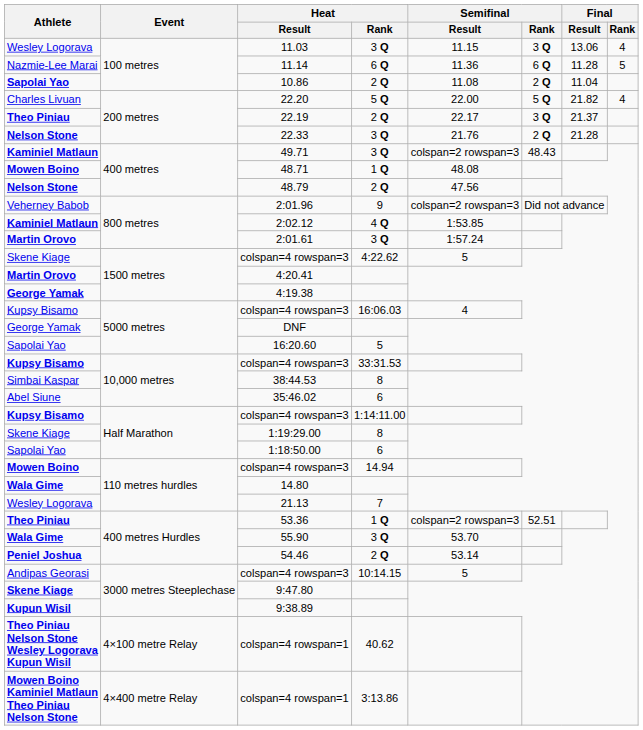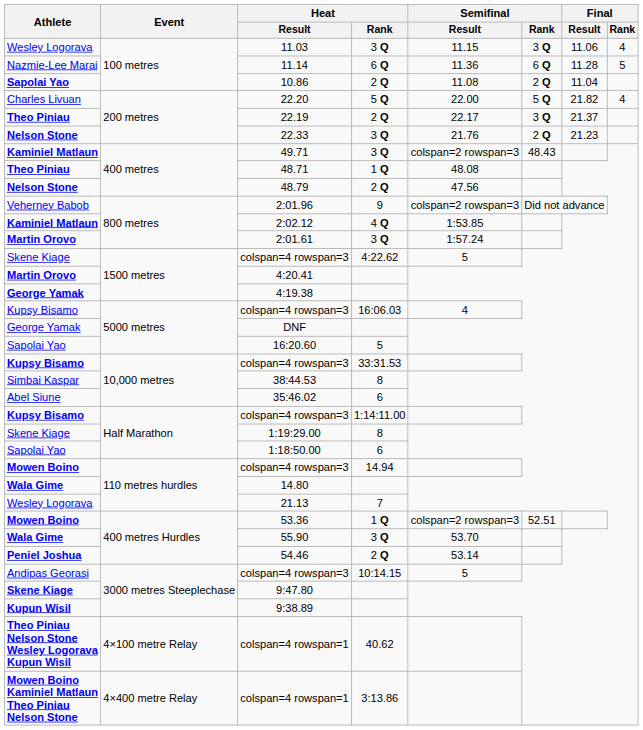 <table class="wikitable" style="font-size:90%">
 <tr>
 <th rowspan="2">Athlete</th>
 <th rowspan="2">Event</th>
 <th colspan="2">Heat</th>
 <th colspan="2">Semifinal</th>
 <th colspan="2">Final</th>
 </tr>
 <tr style="font-size:95%">
 <th>Result</th>
 <th>Rank</th>
 <th>Result</th>
 <th>Rank</th>
 <th>Result</th>
 <th>Rank</th>
 </tr>
 <tr style=text-align:center>
 <td style=text-align:left><a href='#'>Wesley Logorava</a></td>
 <td style=text-align:left rowspan=3>100 metres</td>
 <td>11.03</td>
 <td>3 <strong>Q</strong></td>
 <td>11.15</td>
 <td>3 <strong>Q</strong></td>
-<td>13.06</td>
+<td>11.06</td>
 <td>4</td>
 </tr>
 <tr style=text-align:center>
 <td style=text-align:left><a href='#'>Nazmie-Lee Marai</a></td>
 <td>11.14</td>
 <td>6 <strong>Q</strong></td>
 <td>11.36</td>
 <td>6 <strong>Q</strong></td>
 <td>11.28</td>
 <td>5</td>
 </tr>
 <tr style=text-align:center>
 <td style=text-align:left><strong><a href='#'>Sapolai Yao</a></strong></td>
 <td>10.86</td>
 <td>2 <strong>Q</strong></td>
 <td>11.08</td>
 <td>2 <strong>Q</strong></td>
 <td>11.04</td>
 <td></td>
 </tr>
 <tr style=text-align:center>
 <td style=text-align:left><a href='#'>Charles Livuan</a></td>
 <td style=text-align:left rowspan=3>200 metres</td>
 <td>22.20</td>
 <td>5 <strong>Q</strong></td>
 <td>22.00</td>
 <td>5 <strong>Q</strong></td>
 <td>21.82</td>
 <td>4</td>
 </tr>
 <tr style=text-align:center>
 <td style=text-align:left><strong><a href='#'>Theo Piniau</a></strong></td>
 <td>22.19</td>
 <td>2 <strong>Q</strong></td>
 <td>22.17</td>
 <td>3 <strong>Q</strong></td>
 <td>21.37</td>
 <td></td>
 </tr>
 <tr style=text-align:center>
 <td style=text-align:left><strong><a href='#'>Nelson Stone</a></strong></td>
 <td>22.33</td>
 <td>3 <strong>Q</strong></td>
 <td>21.76</td>
 <td>2 <strong>Q</strong></td>
-<td>21.28</td>
+<td>21.23</td>
 <td></td>
 </tr>
 <tr style=text-align:center>
 <td style=text-align:left><strong><a href='#'>Kaminiel Matlaun</a></strong></td>
 <td style=text-align:left rowspan=3>400 metres</td>
 <td>49.71</td>
 <td>3 <strong>Q</strong></td>
 <td>colspan=2 rowspan=3 </td>
 <td>48.43</td>
 <td></td>
 </tr>
 <tr style=text-align:center>
-<td style=text-align:left><strong><a href='#'>Mowen Boino</a></strong></td>
+<td style=text-align:left><strong><a href='#'>Theo Piniau</a></strong></td>
 <td>48.71</td>
 <td>1 <strong>Q</strong></td>
 <td>48.08</td>
 <td></td>
 </tr>
 <tr style=text-align:center>
 <td style=text-align:left><strong><a href='#'>Nelson Stone</a></strong></td>
 <td>48.79</td>
 <td>2 <strong>Q</strong></td>
 <td>47.56</td>
 <td></td>
 </tr>
 <tr style=text-align:center>
 <td style=text-align:left><a href='#'>Veherney Babob</a></td>
 <td style=text-align:left rowspan=3>800 metres</td>
 <td>2:01.96</td>
 <td>9</td>
 <td>colspan=2 rowspan=3 </td>
 <td colspan="2">Did not advance</td>
 </tr>
 <tr style=text-align:center>
 <td style=text-align:left><strong><a href='#'>Kaminiel Matlaun</a></strong></td>
 <td>2:02.12</td>
 <td>4 <strong>Q</strong></td>
 <td>1:53.85</td>
 <td></td>
 </tr>
 <tr style=text-align:center>
 <td style=text-align:left><strong><a href='#'>Martin Orovo</a></strong></td>
 <td>2:01.61</td>
 <td>3 <strong>Q</strong></td>
 <td>1:57.24</td>
 <td></td>
 </tr>
 <tr style=text-align:center>
 <td style=text-align:left><a href='#'>Skene Kiage</a></td>
 <td style=text-align:left rowspan=3>1500 metres</td>
 <td>colspan=4 rowspan=3 </td>
 <td>4:22.62</td>
 <td>5</td>
 </tr>
 <tr style=text-align:center>
 <td style=text-align:left><strong><a href='#'>Martin Orovo</a></strong></td>
 <td>4:20.41</td>
 <td></td>
 </tr>
 <tr style=text-align:center>
 <td style=text-align:left><strong><a href='#'>George Yamak</a></strong></td>
 <td>4:19.38</td>
 <td></td>
 </tr>
 <tr style=text-align:center>
 <td style=text-align:left><a href='#'>Kupsy Bisamo</a></td>
 <td style=text-align:left rowspan=3>5000 metres</td>
 <td>colspan=4 rowspan=3 </td>
 <td>16:06.03</td>
 <td>4</td>
 </tr>
 <tr style=text-align:center>
 <td style=text-align:left><a href='#'>George Yamak</a></td>
 <td>DNF</td>
 <td></td>
 </tr>
 <tr style=text-align:center>
 <td style=text-align:left><a href='#'>Sapolai Yao</a></td>
 <td>16:20.60</td>
 <td>5</td>
 </tr>
 <tr style=text-align:center>
 <td style=text-align:left><strong><a href='#'>Kupsy Bisamo</a></strong></td>
 <td style=text-align:left rowspan=3>10,000 metres</td>
 <td>colspan=4 rowspan=3 </td>
 <td>33:31.53</td>
 <td></td>
 </tr>
 <tr style=text-align:center>
 <td style=text-align:left><a href='#'>Simbai Kaspar</a></td>
 <td>38:44.53</td>
 <td>8</td>
 </tr>
 <tr style=text-align:center>
 <td style=text-align:left><a href='#'>Abel Siune</a></td>
 <td>35:46.02</td>
 <td>6</td>
 </tr>
 <tr style=text-align:center>
 <td style=text-align:left><strong><a href='#'>Kupsy Bisamo</a></strong></td>
 <td style=text-align:left rowspan=3>Half Marathon</td>
 <td>colspan=4 rowspan=3 </td>
 <td>1:14:11.00</td>
 <td></td>
 </tr>
 <tr style=text-align:center>
 <td style=text-align:left><a href='#'>Skene Kiage</a></td>
 <td>1:19:29.00</td>
 <td>8</td>
 </tr>
 <tr style=text-align:center>
 <td style=text-align:left><a href='#'>Sapolai Yao</a></td>
 <td>1:18:50.00</td>
 <td>6</td>
 </tr>
 <tr style=text-align:center>
 <td style=text-align:left><strong><a href='#'>Mowen Boino</a></strong></td>
 <td style=text-align:left rowspan=3>110 metres hurdles</td>
 <td>colspan=4 rowspan=3 </td>
 <td>14.94</td>
 <td></td>
 </tr>
 <tr style=text-align:center>
 <td style=text-align:left><strong><a href='#'>Wala Gime</a></strong></td>
 <td>14.80</td>
 <td></td>
 </tr>
 <tr style=text-align:center>
 <td style=text-align:left><a href='#'>Wesley Logorava</a></td>
 <td>21.13</td>
 <td>7</td>
 </tr>
 <tr style=text-align:center>
-<td style=text-align:left><strong><a href='#'>Theo Piniau</a></strong></td>
+<td style=text-align:left><strong><a href='#'>Mowen Boino</a></strong></td>
 <td style=text-align:left rowspan=3>400 metres Hurdles</td>
 <td>53.36</td>
 <td>1 <strong>Q</strong></td>
 <td>colspan=2 rowspan=3 </td>
 <td>52.51</td>
 <td></td>
 </tr>
 <tr style=text-align:center>
 <td style=text-align:left><strong><a href='#'>Wala Gime</a></strong></td>
 <td>55.90</td>
 <td>3 <strong>Q</strong></td>
 <td>53.70</td>
 <td></td>
 </tr>
 <tr style=text-align:center>
 <td style=text-align:left><strong><a href='#'>Peniel Joshua</a></strong></td>
 <td>54.46</td>
 <td>2 <strong>Q</strong></td>
 <td>53.14</td>
 <td></td>
 </tr>
 <tr style=text-align:center>
 <td style=text-align:left><a href='#'>Andipas Georasi</a></td>
 <td style=text-align:left rowspan=3>3000 metres Steeplechase</td>
 <td>colspan=4 rowspan=3 </td>
 <td>10:14.15</td>
 <td>5</td>
 </tr>
 <tr style=text-align:center>
 <td style=text-align:left><strong><a href='#'>Skene Kiage</a></strong></td>
 <td>9:47.80</td>
 <td></td>
 </tr>
 <tr style=text-align:center>
 <td style=text-align:left><strong><a href='#'>Kupun Wisil</a></strong></td>
 <td>9:38.89</td>
 <td></td>
 </tr>
 <tr style=text-align:center>
 <td style=text-align:left><strong><a href='#'>Theo Piniau</a><br><a href='#'>Nelson Stone</a><br><a href='#'>Wesley Logorava</a><br><a href='#'>Kupun Wisil</a></strong></td>
 <td style=text-align:left rowspan=1>4×100 metre Relay</td>
 <td>colspan=4 rowspan=1 </td>
 <td>40.62</td>
 <td></td>
 </tr>
 <tr style=text-align:center>
 <td style=text-align:left><strong><a href='#'>Mowen Boino</a><br><a href='#'>Kaminiel Matlaun</a><br><a href='#'>Theo Piniau</a><br><a href='#'>Nelson Stone</a></strong></td>
 <td style=text-align:left rowspan=1>4×400 metre Relay</td>
 <td>colspan=4 rowspan=1 </td>
 <td>3:13.86</td>
 <td></td>
 </tr>
 </table>
